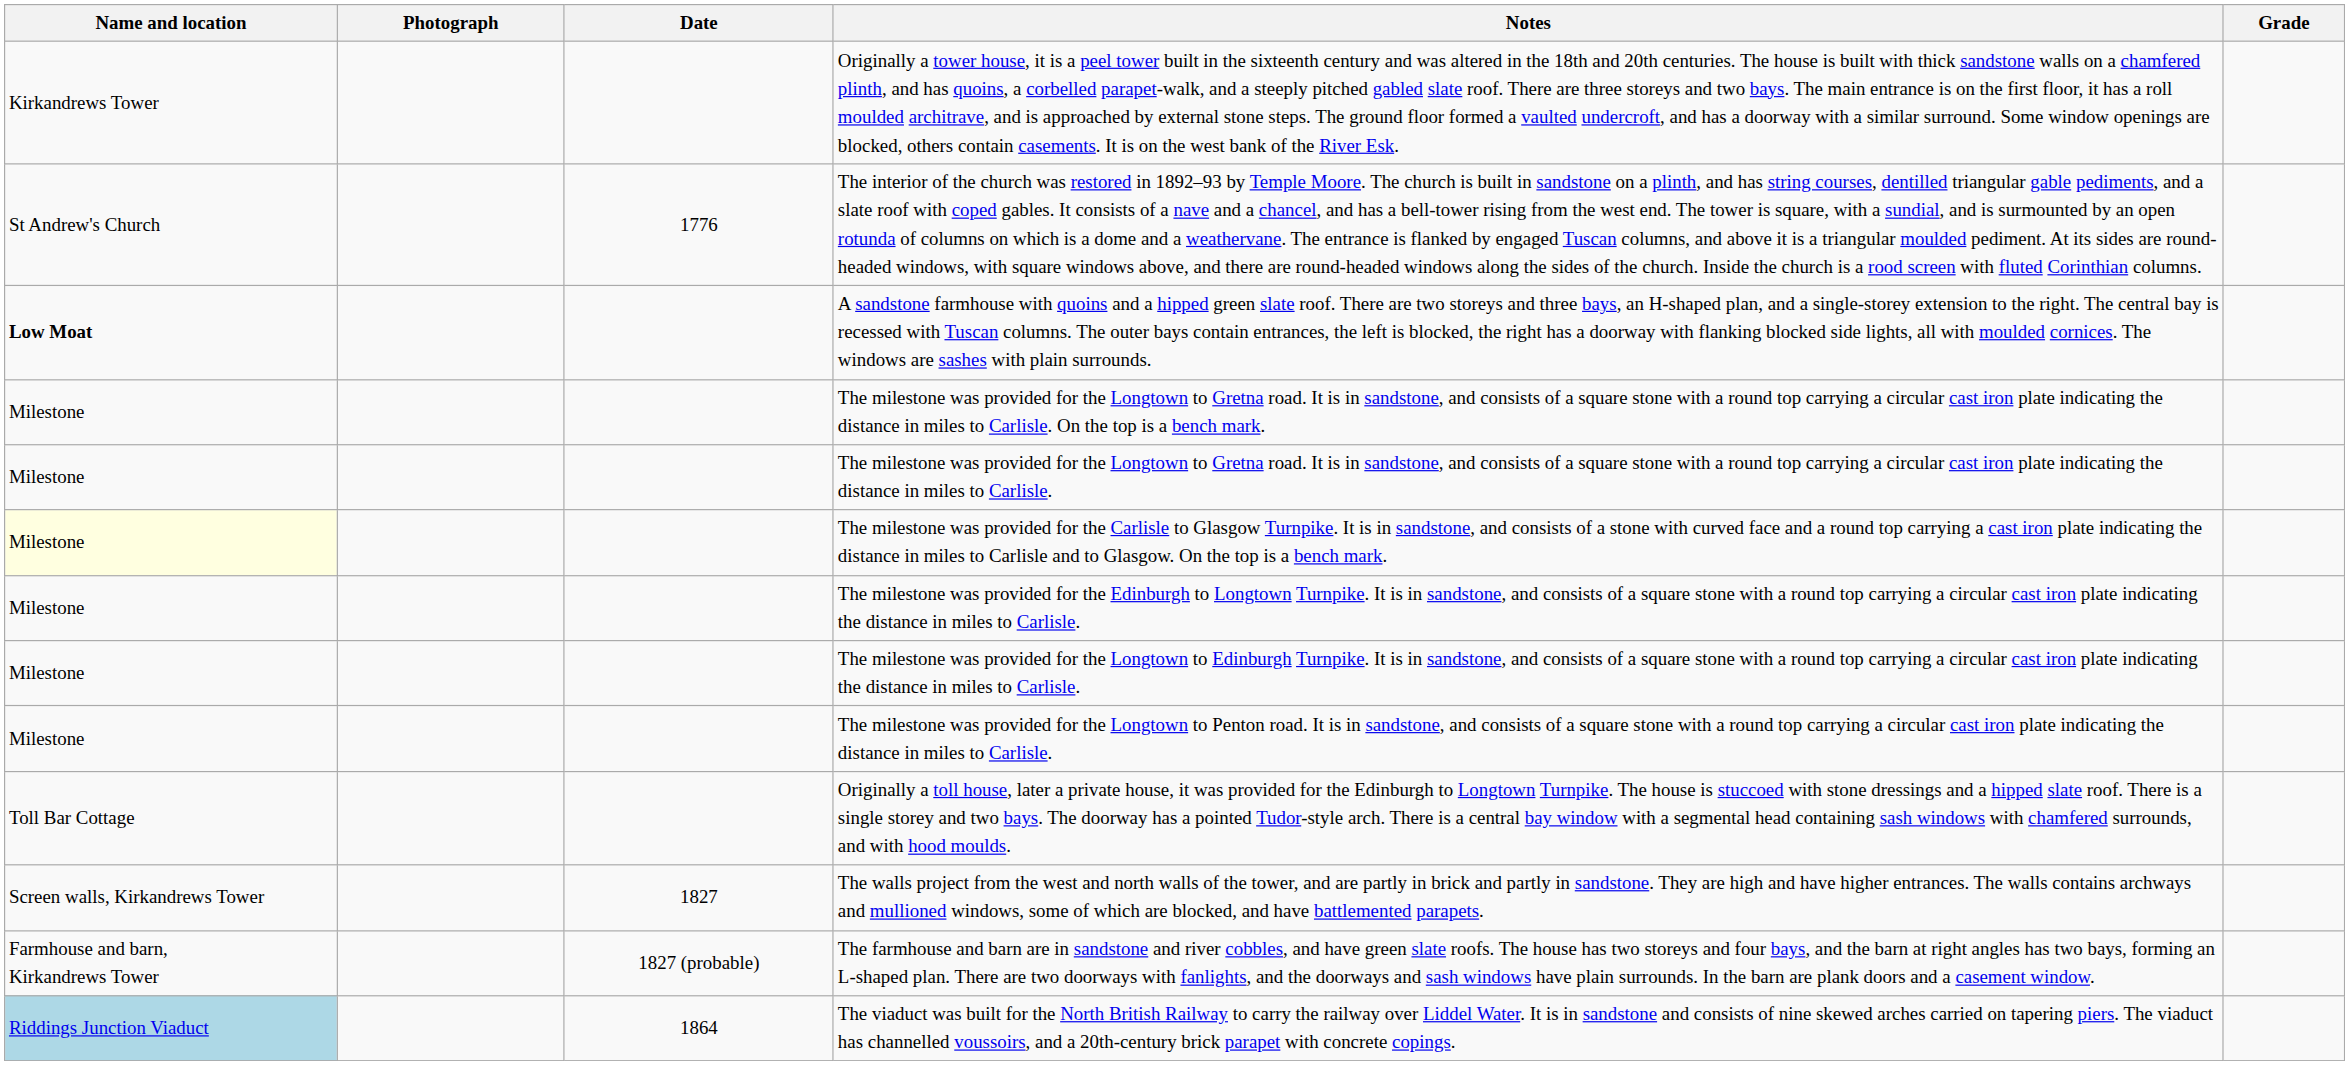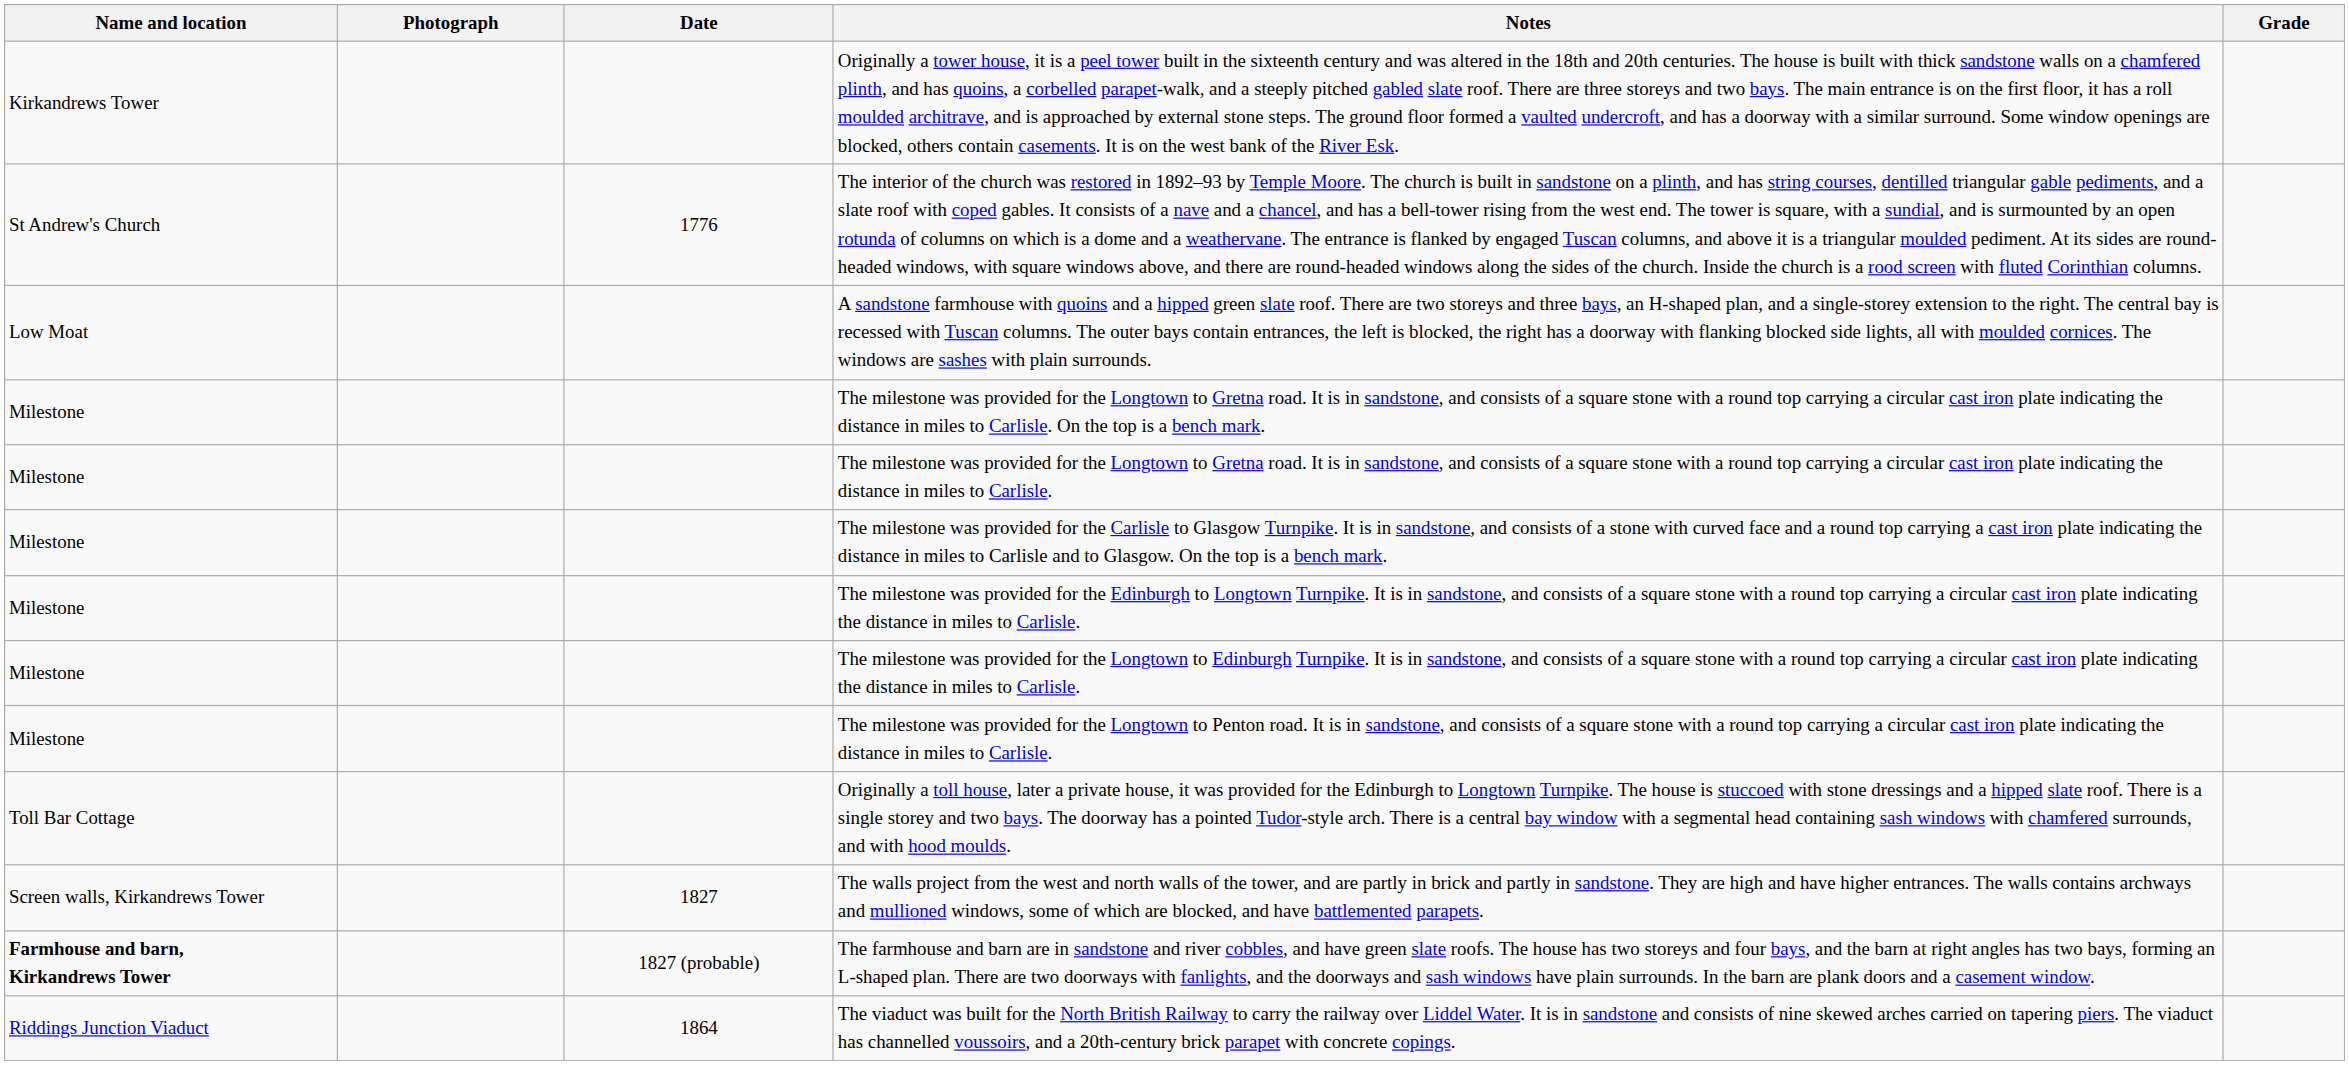 <table class="wikitable sortable plainrowheaders" style="width:100%; border:0; text-align:left; line-height:150%;">
 <tr>
 <th scope="col"  style="width:150px">Name and location</th>
 <th scope="col"  style="width:100px" class="unsortable">Photograph</th>
 <th scope="col"  style="width:120px">Date</th>
 <th scope="col"  style="width:650px" class="unsortable">Notes</th>
 <th scope="col"  style="width:50px">Grade</th>
 </tr>
 <tr>
 <td>Kirkandrews Tower<br><small></small></td>
 <td></td>
 <td align="center"></td>
 <td>Originally a <a href='#'>tower house</a>, it is a <a href='#'>peel tower</a> built in the sixteenth century and was altered in the 18th and 20th centuries. The house is built with thick <a href='#'>sandstone</a> walls on a <a href='#'>chamfered</a> <a href='#'>plinth</a>, and has <a href='#'>quoins</a>, a <a href='#'>corbelled</a> <a href='#'>parapet</a>-walk, and a steeply pitched <a href='#'>gabled</a> <a href='#'>slate</a> roof.  There are three storeys and two <a href='#'>bays</a>.  The main entrance is on the first floor, it has a roll <a href='#'>moulded</a> <a href='#'>architrave</a>, and is approached by external stone steps.  The ground floor formed a <a href='#'>vaulted</a> <a href='#'>undercroft</a>, and has a doorway with a similar surround. Some window openings are blocked, others contain <a href='#'>casements</a>. It is on the west bank of the <a href='#'>River Esk</a>.</td>
 <td align="center" ></td>
 </tr>
 <tr>
 <td>St Andrew's Church<br><small></small></td>
 <td></td>
 <td align="center">1776</td>
 <td>The interior of the church was <a href='#'>restored</a> in 1892–93 by <a href='#'>Temple Moore</a>.  The church is built in <a href='#'>sandstone</a> on a <a href='#'>plinth</a>, and has <a href='#'>string courses</a>, <a href='#'>dentilled</a> triangular <a href='#'>gable</a> <a href='#'>pediments</a>, and a slate roof with <a href='#'>coped</a> gables.  It consists of a <a href='#'>nave</a> and a <a href='#'>chancel</a>, and has a bell-tower rising from the west end.  The tower is square, with a <a href='#'>sundial</a>, and is surmounted by an open <a href='#'>rotunda</a> of columns on which is a dome and a <a href='#'>weathervane</a>.  The entrance is flanked by engaged <a href='#'>Tuscan</a> columns, and above it is a triangular <a href='#'>moulded</a> pediment.  At its sides are round-headed windows, with square windows above, and there are round-headed windows along the sides of the church.  Inside the church is a <a href='#'>rood screen</a> with <a href='#'>fluted</a> <a href='#'>Corinthian</a> columns.</td>
 <td align="center" ></td>
 </tr>
 <tr>
-<td><strong>Low Moat<br><small></small></strong></td>
+<td>Low Moat<br><small></small></td>
 <td></td>
 <td align="center"></td>
 <td>A <a href='#'>sandstone</a> farmhouse with <a href='#'>quoins</a> and a <a href='#'>hipped</a> green <a href='#'>slate</a> roof.  There are two storeys and three <a href='#'>bays</a>, an H-shaped plan, and a single-storey extension to the right.  The central bay is recessed with <a href='#'>Tuscan</a> columns.  The outer bays contain entrances, the left is blocked, the right has a doorway with flanking blocked side lights, all with <a href='#'>moulded</a> <a href='#'>cornices</a>.  The windows are <a href='#'>sashes</a> with plain surrounds.</td>
 <td align="center" ></td>
 </tr>
 <tr>
 <td>Milestone<br><small></small></td>
 <td></td>
 <td align="center"></td>
 <td>The milestone was provided for the <a href='#'>Longtown</a> to <a href='#'>Gretna</a> road.  It is in <a href='#'>sandstone</a>, and consists of a square stone with a round top carrying a circular <a href='#'>cast iron</a> plate indicating the distance in miles to <a href='#'>Carlisle</a>.  On the top is a <a href='#'>bench mark</a>.</td>
 <td align="center" ></td>
 </tr>
 <tr>
 <td>Milestone<br><small></small></td>
 <td></td>
 <td align="center"></td>
 <td>The milestone was provided for the <a href='#'>Longtown</a> to <a href='#'>Gretna</a> road.  It is in <a href='#'>sandstone</a>, and consists of a square stone with a round top carrying a circular <a href='#'>cast iron</a> plate indicating the distance in miles to <a href='#'>Carlisle</a>.</td>
 <td align="center" ></td>
 </tr>
 <tr>
-<td style="background: lightyellow;">Milestone<br><small></small></td>
+<td>Milestone<br><small></small></td>
 <td></td>
 <td align="center"></td>
 <td>The milestone was provided for the <a href='#'>Carlisle</a> to Glasgow <a href='#'>Turnpike</a>.  It is in <a href='#'>sandstone</a>, and consists of a stone with curved face and a round top carrying a <a href='#'>cast iron</a> plate indicating the distance in miles to Carlisle and to Glasgow.  On the top is a <a href='#'>bench mark</a>.</td>
 <td align="center" ></td>
 </tr>
 <tr>
 <td>Milestone<br><small></small></td>
 <td></td>
 <td align="center"></td>
 <td>The milestone was provided for the <a href='#'>Edinburgh</a> to <a href='#'>Longtown</a> <a href='#'>Turnpike</a>.  It is in <a href='#'>sandstone</a>, and consists of a square stone with a round top carrying a circular <a href='#'>cast iron</a> plate indicating the distance in miles to <a href='#'>Carlisle</a>.</td>
 <td align="center" ></td>
 </tr>
 <tr>
 <td>Milestone<br><small></small></td>
 <td></td>
 <td align="center"></td>
 <td>The milestone was provided for the <a href='#'>Longtown</a> to <a href='#'>Edinburgh</a> <a href='#'>Turnpike</a>.  It is in <a href='#'>sandstone</a>, and consists of a square stone with a round top carrying a circular <a href='#'>cast iron</a> plate indicating the distance in miles to <a href='#'>Carlisle</a>.</td>
 <td align="center" ></td>
 </tr>
 <tr>
 <td>Milestone<br><small></small></td>
 <td></td>
 <td align="center"></td>
 <td>The milestone was provided for the <a href='#'>Longtown</a> to Penton road.  It is in <a href='#'>sandstone</a>, and consists of a square stone with a round top carrying a circular <a href='#'>cast iron</a> plate indicating the distance in miles to <a href='#'>Carlisle</a>.</td>
 <td align="center" ></td>
 </tr>
 <tr>
 <td>Toll Bar Cottage<br><small></small></td>
 <td></td>
 <td align="center"></td>
 <td>Originally a <a href='#'>toll house</a>, later a private house, it was provided for the Edinburgh to <a href='#'>Longtown</a> <a href='#'>Turnpike</a>.  The house is <a href='#'>stuccoed</a> with stone dressings and a <a href='#'>hipped</a> <a href='#'>slate</a> roof.  There is a single storey and two <a href='#'>bays</a>.  The doorway has a pointed <a href='#'>Tudor</a>-style arch.  There is a central <a href='#'>bay window</a> with a segmental head containing <a href='#'>sash windows</a> with <a href='#'>chamfered</a> surrounds, and with <a href='#'>hood moulds</a>.</td>
 <td align="center" ></td>
 </tr>
 <tr>
 <td>Screen walls, Kirkandrews Tower<br><small></small></td>
 <td></td>
 <td align="center">1827</td>
 <td>The walls project from the west and north walls of the tower, and are partly in brick and partly in <a href='#'>sandstone</a>.  They are  high and have higher entrances.  The walls contains archways and <a href='#'>mullioned</a> windows, some of which are blocked, and have <a href='#'>battlemented</a> <a href='#'>parapets</a>.</td>
 <td align="center" ></td>
 </tr>
 <tr>
-<td>Farmhouse and barn,<br>Kirkandrews Tower<br><small></small></td>
+<td><strong>Farmhouse and barn,<br>Kirkandrews Tower<br><small></small></strong></td>
 <td></td>
 <td align="center">1827 (probable)</td>
 <td>The farmhouse and barn are in <a href='#'>sandstone</a> and river <a href='#'>cobbles</a>, and have green <a href='#'>slate</a> roofs.  The house has two storeys and four <a href='#'>bays</a>, and the barn at right angles has two bays, forming an L-shaped plan.  There are two doorways with <a href='#'>fanlights</a>, and the doorways and <a href='#'>sash windows</a> have plain surrounds.  In the barn are plank doors and a <a href='#'>casement window</a>.</td>
 <td align="center" ></td>
 </tr>
 <tr>
-<td style="background: lightblue;"><a href='#'>Riddings Junction Viaduct</a><br><small></small></td>
+<td><a href='#'>Riddings Junction Viaduct</a><br><small></small></td>
 <td></td>
 <td align="center">1864</td>
 <td>The viaduct was built for the <a href='#'>North British Railway</a> to carry the railway over <a href='#'>Liddel Water</a>.  It is in <a href='#'>sandstone</a> and consists of nine skewed arches carried on tapering <a href='#'>piers</a>.  The viaduct has channelled <a href='#'>voussoirs</a>, and a 20th-century brick <a href='#'>parapet</a> with concrete <a href='#'>copings</a>.</td>
 <td align="center" ></td>
 </tr>
 <tr>
 </tr>
 </table>
